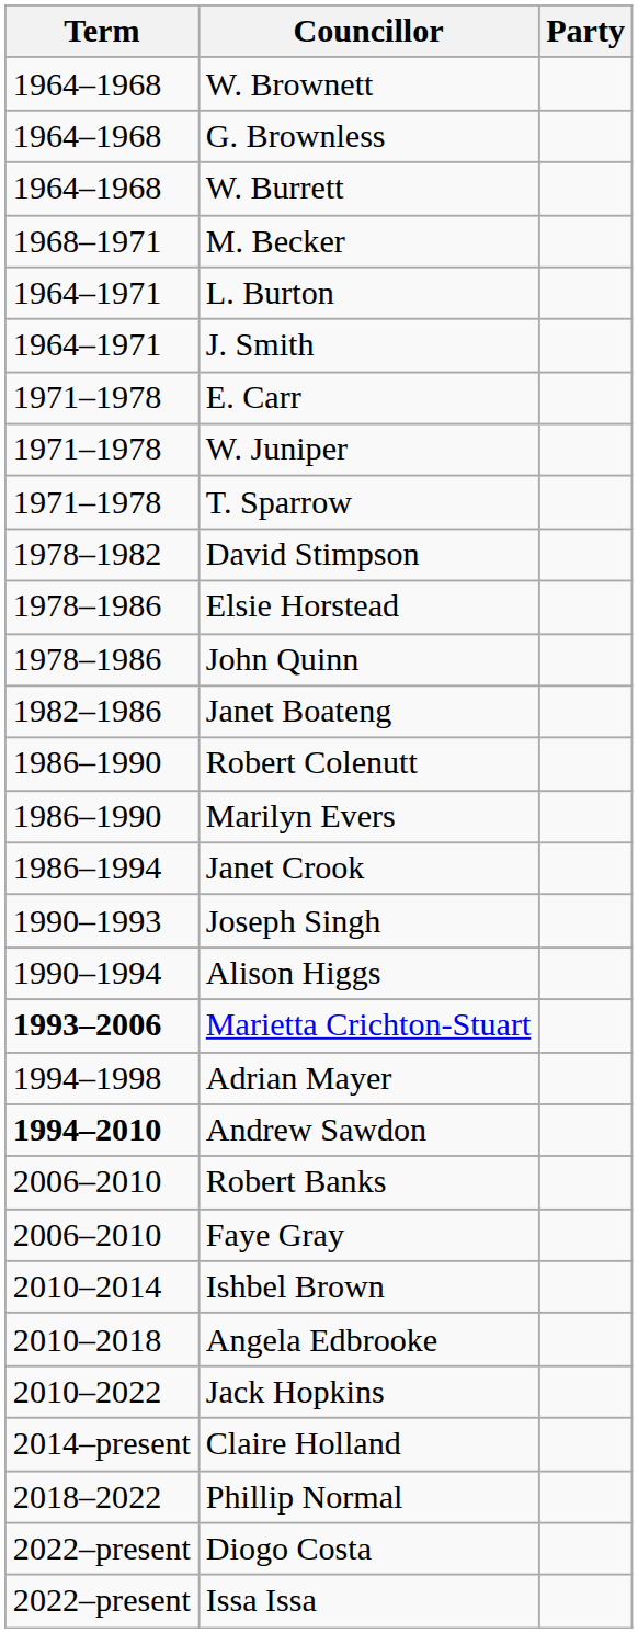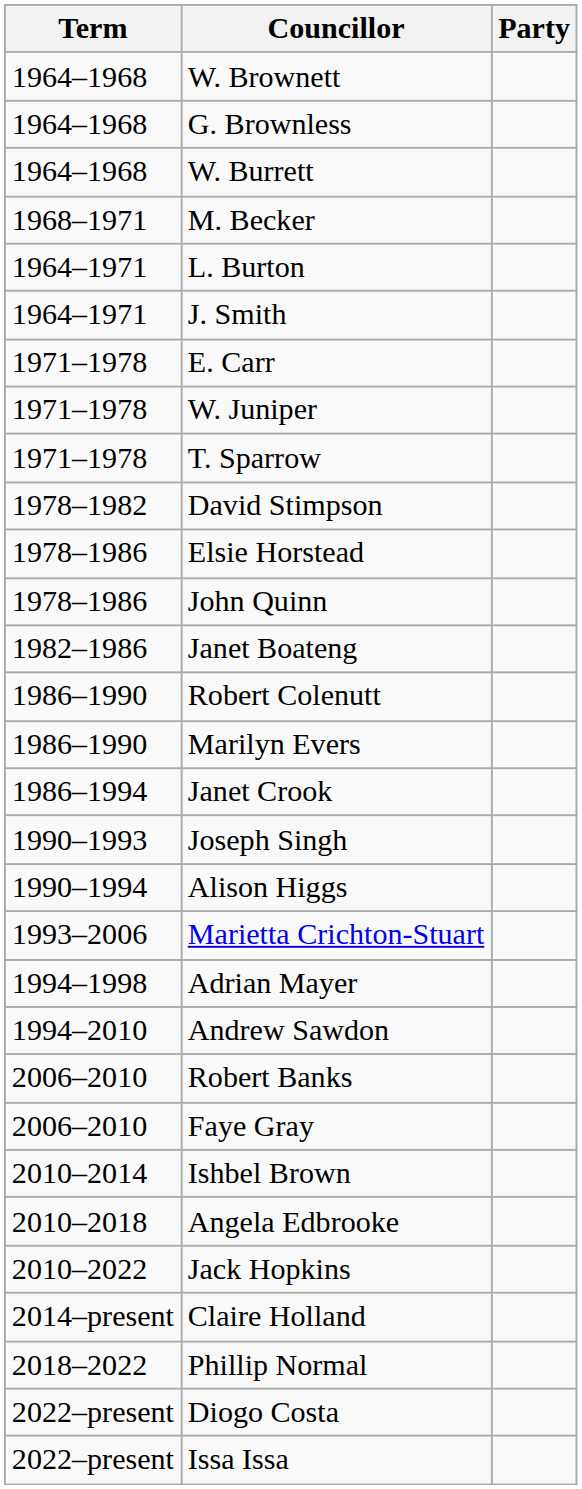 <table class="wikitable">
 <tr>
 <th>Term</th>
 <th>Councillor</th>
 <th colspan=2>Party</th>
 </tr>
 <tr>
 <td>1964–1968</td>
 <td>W. Brownett</td>
 <td></td>
 </tr>
 <tr>
 <td>1964–1968</td>
 <td>G. Brownless</td>
 <td></td>
 </tr>
 <tr>
 <td>1964–1968</td>
 <td>W. Burrett</td>
 <td></td>
 </tr>
 <tr>
 <td>1968–1971</td>
 <td>M. Becker</td>
 <td></td>
 </tr>
 <tr>
 <td>1964–1971</td>
 <td>L. Burton</td>
 <td></td>
 </tr>
 <tr>
 <td>1964–1971</td>
 <td>J. Smith</td>
 <td></td>
 </tr>
 <tr>
 <td>1971–1978</td>
 <td>E. Carr</td>
 <td></td>
 </tr>
 <tr>
 <td>1971–1978</td>
 <td>W. Juniper</td>
 <td></td>
 </tr>
 <tr>
 <td>1971–1978</td>
 <td>T. Sparrow</td>
 <td></td>
 </tr>
 <tr>
 <td>1978–1982</td>
 <td>David Stimpson</td>
 <td></td>
 </tr>
 <tr>
 <td>1978–1986</td>
 <td>Elsie Horstead</td>
 <td></td>
 </tr>
 <tr>
 <td>1978–1986</td>
 <td>John Quinn</td>
 <td></td>
 </tr>
 <tr>
 <td>1982–1986</td>
 <td>Janet Boateng</td>
 <td></td>
 </tr>
 <tr>
 <td>1986–1990</td>
 <td>Robert Colenutt</td>
 <td></td>
 </tr>
 <tr>
 <td>1986–1990</td>
 <td>Marilyn Evers</td>
 <td></td>
 </tr>
 <tr>
 <td>1986–1994</td>
 <td>Janet Crook</td>
 <td></td>
 </tr>
 <tr>
 <td>1990–1993</td>
 <td>Joseph Singh</td>
 <td></td>
 </tr>
 <tr>
 <td>1990–1994</td>
 <td>Alison Higgs</td>
 <td></td>
 </tr>
 <tr>
-<td><strong>1993–2006</strong></td>
+<td>1993–2006</td>
 <td><a href='#'>Marietta Crichton-Stuart</a></td>
 <td></td>
 </tr>
 <tr>
 <td>1994–1998</td>
 <td>Adrian Mayer</td>
 <td></td>
 </tr>
 <tr>
-<td><strong>1994–2010</strong></td>
+<td>1994–2010</td>
 <td>Andrew Sawdon</td>
 <td></td>
 </tr>
 <tr>
 <td>2006–2010</td>
 <td>Robert Banks</td>
 <td></td>
 </tr>
 <tr>
 <td>2006–2010</td>
 <td>Faye Gray</td>
 <td></td>
 </tr>
 <tr>
 <td>2010–2014</td>
 <td>Ishbel Brown</td>
 <td></td>
 </tr>
 <tr>
 <td>2010–2018</td>
 <td>Angela Edbrooke</td>
 <td></td>
 </tr>
 <tr>
 <td>2010–2022</td>
 <td>Jack Hopkins</td>
 <td></td>
 </tr>
 <tr>
 <td>2014–present</td>
 <td>Claire Holland</td>
 <td></td>
 </tr>
 <tr>
 <td>2018–2022</td>
 <td>Phillip Normal</td>
 <td></td>
 </tr>
 <tr>
 <td>2022–present</td>
 <td>Diogo Costa</td>
 <td></td>
 </tr>
 <tr>
 <td>2022–present</td>
 <td>Issa Issa</td>
 <td></td>
 </tr>
 </table>
